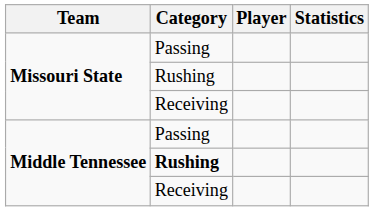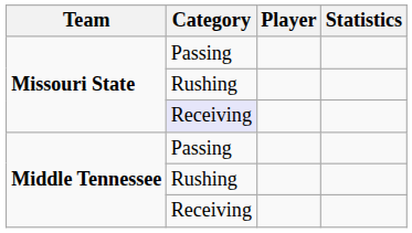 <table class="wikitable" style="float: right;">
 <tr>
 <th>Team</th>
 <th>Category</th>
 <th>Player</th>
 <th>Statistics</th>
 </tr>
 <tr>
 <td rowspan=3><strong>Missouri State</strong></td>
 <td>Passing</td>
 <td></td>
 <td></td>
 </tr>
 <tr>
 <td>Rushing</td>
 <td></td>
 <td></td>
 </tr>
 <tr>
-<td>Receiving</td>
+<td style="background: lavender;">Receiving</td>
 <td></td>
 <td></td>
 </tr>
 <tr>
 <td rowspan=3><strong>Middle Tennessee</strong></td>
 <td>Passing</td>
 <td></td>
 <td></td>
 </tr>
 <tr>
-<td><strong>Rushing</strong></td>
+<td>Rushing</td>
 <td></td>
 <td></td>
 </tr>
 <tr>
 <td>Receiving</td>
 <td></td>
 <td></td>
 </tr>
 </table>
